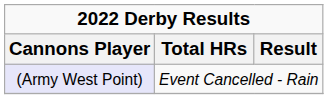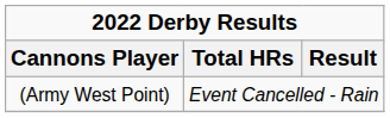 <table class="wikitable" style="text-align:center">
 <tr>
 <td colspan="6"><strong>2022 Derby Results</strong></td>
 </tr>
 <tr>
 <th>Cannons Player</th>
 <th>Total HRs</th>
 <th>Result</th>
 </tr>
 <tr>
-<td style="background: lavender;"><small> (Army West Point)</small></td>
+<td><small> (Army West Point)</small></td>
 <td colspan="5"><small><em>Event Cancelled - Rain</em></small></td>
 </tr>
 <tr>
 </tr>
 </table>
